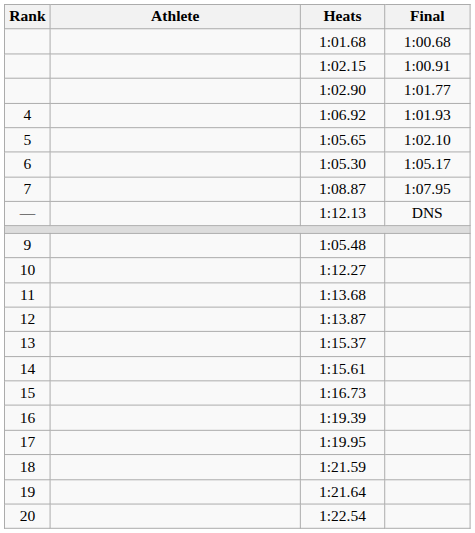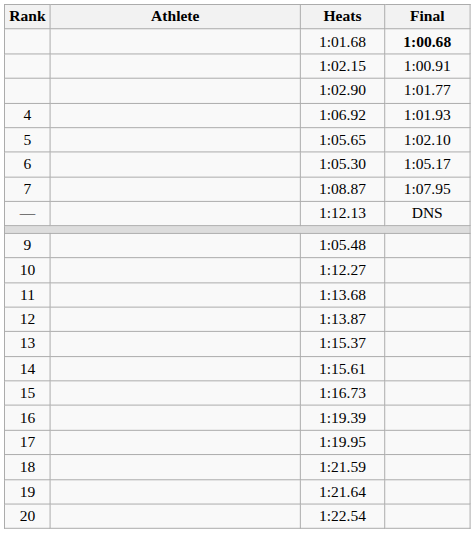 <table class=wikitable style="text-align:center">
 <tr>
 <th width=40>Rank</th>
 <th width=250>Athlete</th>
 <th width=80>Heats</th>
 <th width=80>Final</th>
 </tr>
 <tr>
 <td></td>
 <td align=left></td>
 <td>1:01.68</td>
-<td>1:00.68</td>
+<td><strong>1:00.68</strong></td>
 </tr>
 <tr>
 <td></td>
 <td align=left></td>
 <td>1:02.15</td>
 <td>1:00.91</td>
 </tr>
 <tr>
 <td></td>
 <td align=left></td>
 <td>1:02.90</td>
 <td>1:01.77</td>
 </tr>
 <tr>
 <td>4</td>
 <td align=left></td>
 <td>1:06.92</td>
 <td>1:01.93</td>
 </tr>
 <tr>
 <td>5</td>
 <td align=left></td>
 <td>1:05.65</td>
 <td>1:02.10</td>
 </tr>
 <tr>
 <td>6</td>
 <td align=left></td>
 <td>1:05.30</td>
 <td>1:05.17</td>
 </tr>
 <tr>
 <td>7</td>
 <td align=left></td>
 <td>1:08.87</td>
 <td>1:07.95</td>
 </tr>
 <tr>
 <td>—</td>
 <td align=left></td>
 <td>1:12.13 </td>
 <td>DNS</td>
 </tr>
 <tr bgcolor=#DDDDDD>
 <td colspan=4></td>
 </tr>
 <tr>
 <td>9</td>
 <td align=left></td>
 <td>1:05.48 </td>
 <td></td>
 </tr>
 <tr>
 <td>10</td>
 <td align=left></td>
 <td>1:12.27</td>
 <td></td>
 </tr>
 <tr>
 <td>11</td>
 <td align=left></td>
 <td>1:13.68</td>
 <td></td>
 </tr>
 <tr>
 <td>12</td>
 <td align=left></td>
 <td>1:13.87</td>
 <td></td>
 </tr>
 <tr>
 <td>13</td>
 <td align=left></td>
 <td>1:15.37</td>
 <td></td>
 </tr>
 <tr>
 <td>14</td>
 <td align=left></td>
 <td>1:15.61</td>
 <td></td>
 </tr>
 <tr>
 <td>15</td>
 <td align=left></td>
 <td>1:16.73</td>
 <td></td>
 </tr>
 <tr>
 <td>16</td>
 <td align=left></td>
 <td>1:19.39</td>
 <td></td>
 </tr>
 <tr>
 <td>17</td>
 <td align=left></td>
 <td>1:19.95</td>
 <td></td>
 </tr>
 <tr>
 <td>18</td>
 <td align=left></td>
 <td>1:21.59</td>
 <td></td>
 </tr>
 <tr>
 <td>19</td>
 <td align=left></td>
 <td>1:21.64</td>
 <td></td>
 </tr>
 <tr>
 <td>20</td>
 <td align=left></td>
 <td>1:22.54</td>
 <td></td>
 </tr>
 </table>
